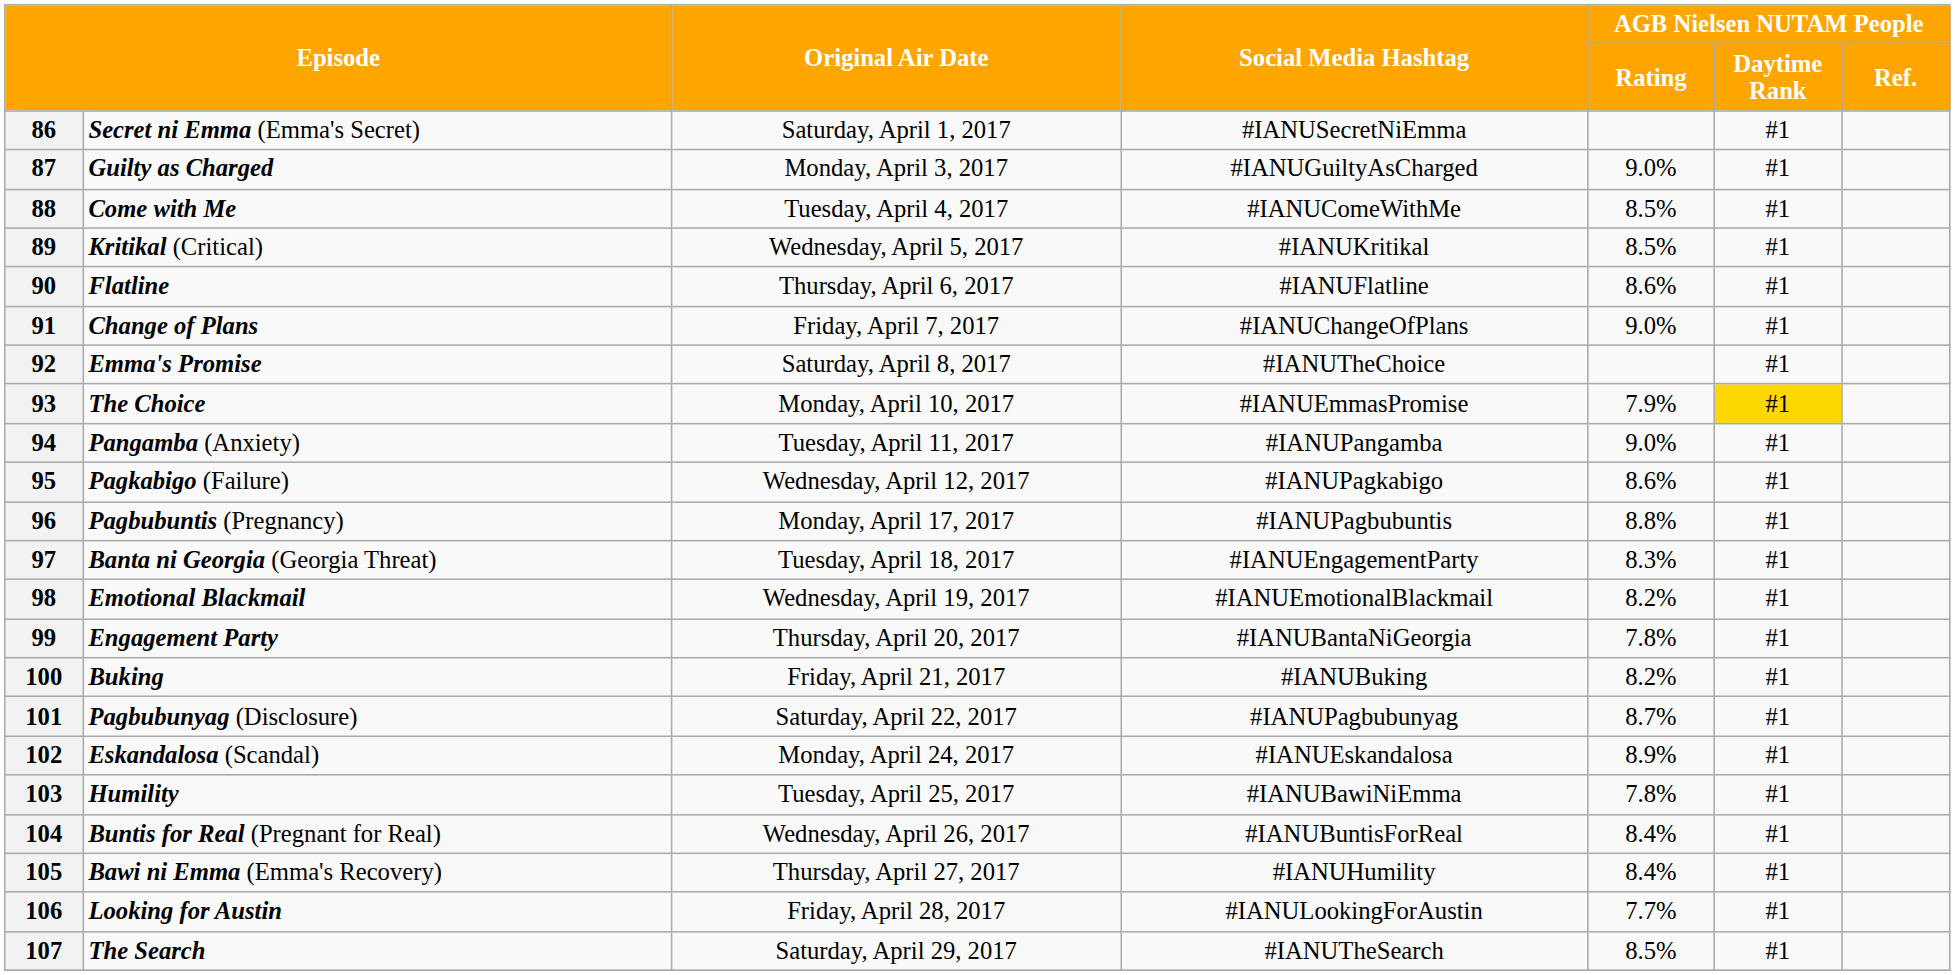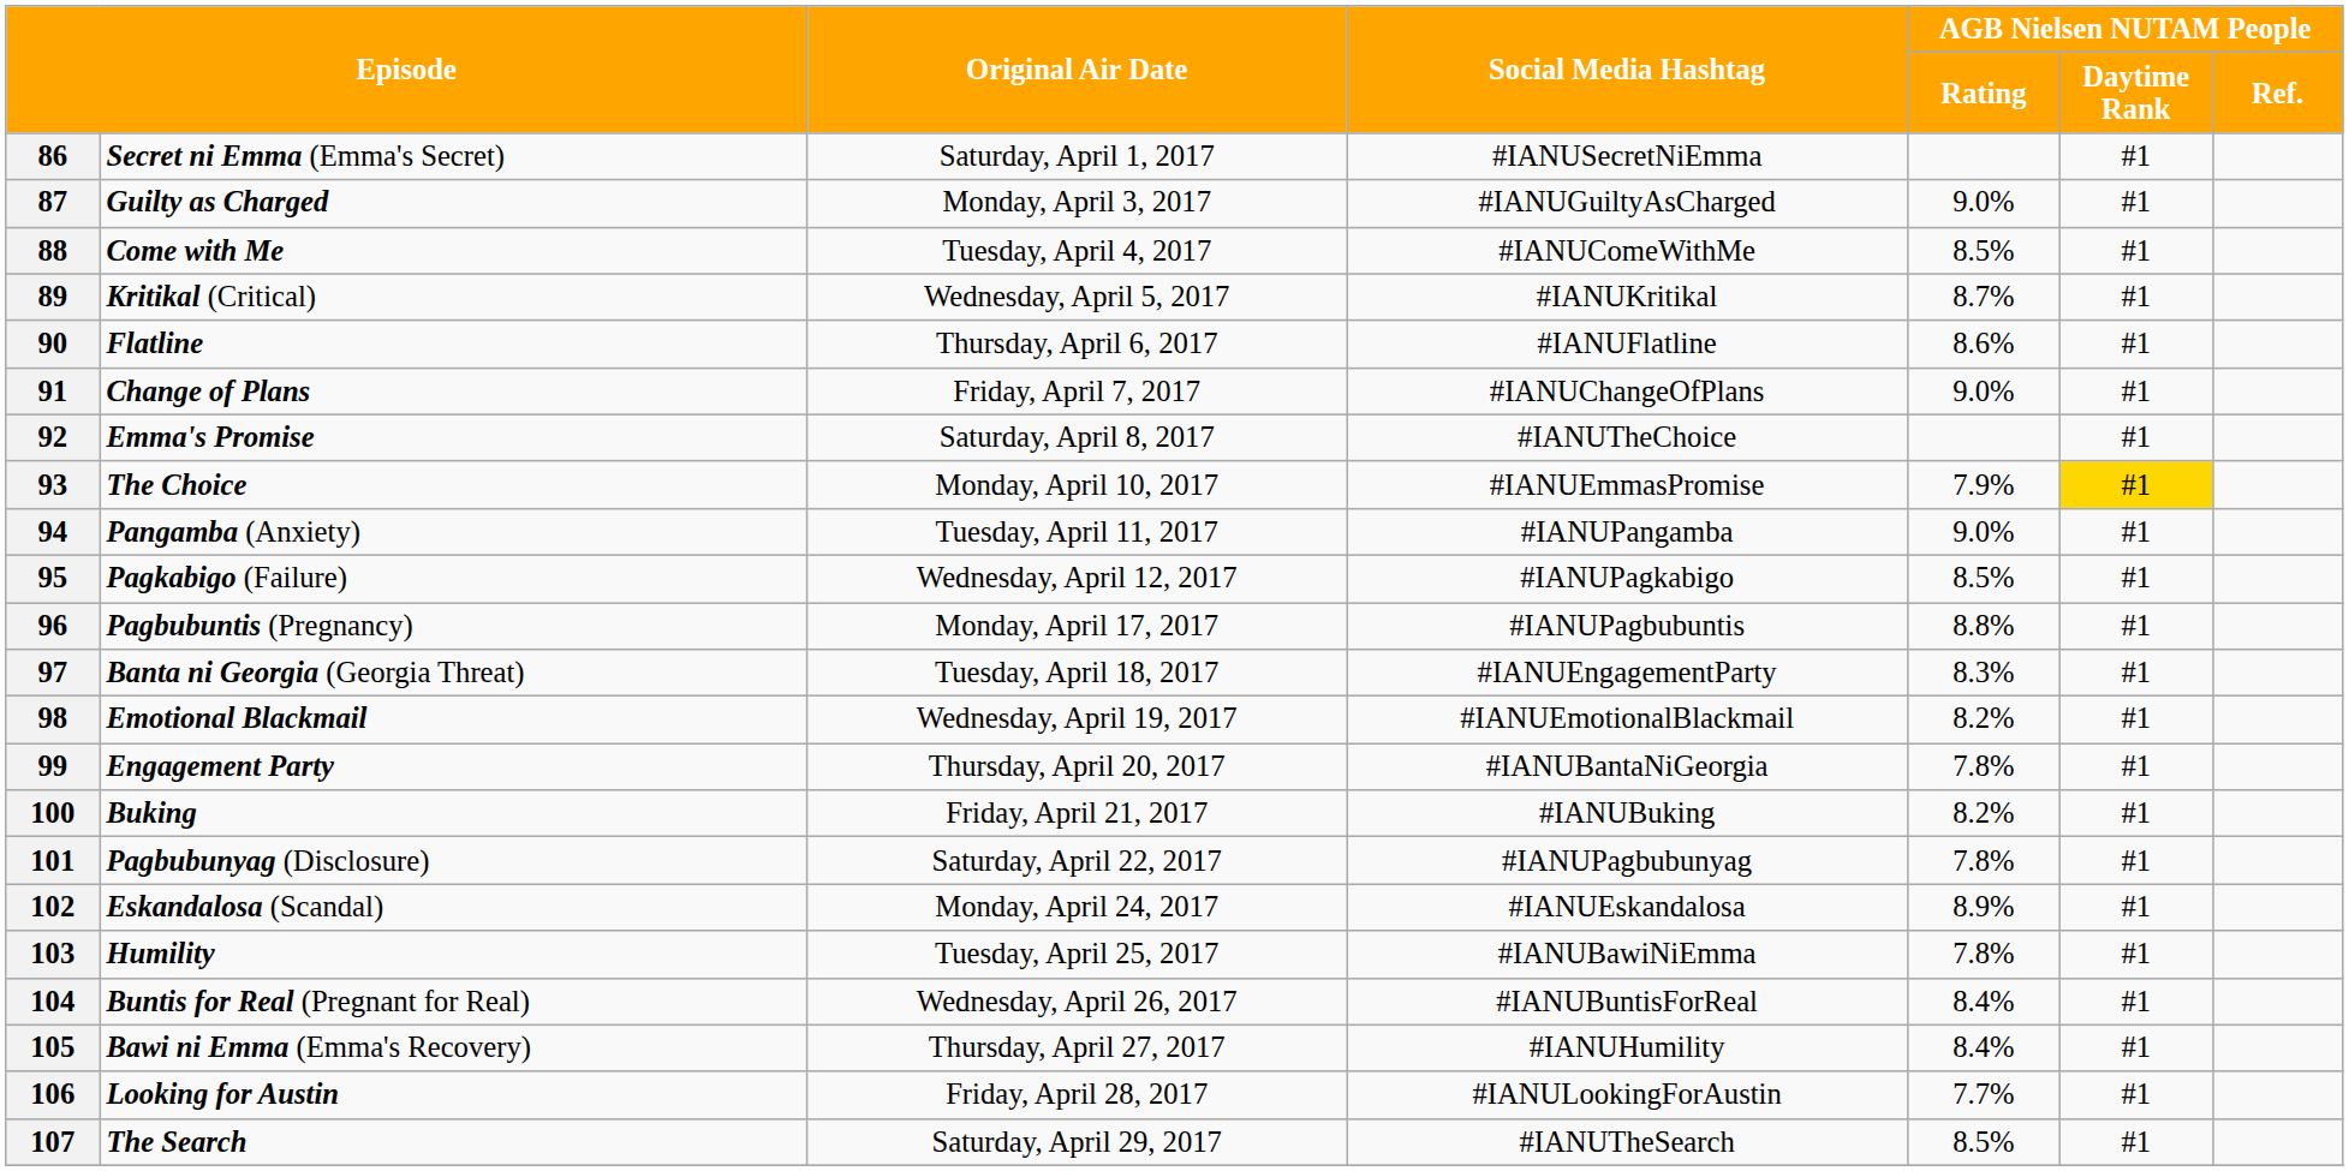 <table class="wikitable" style="text-align:center; font-size:100%; line-height:18px;"  width="100%">
 <tr>
 <th colspan="2" rowspan="2" style="background-color:#FFA500; color:#ffffff;">Episode</th>
 <th style="background:#FFA500; color:white" rowspan="2">Original Air Date</th>
 <th style="background:#FFA500; color:white" rowspan="2">Social Media Hashtag</th>
 <th style="background-color:#FFA500; color:#ffffff;" colspan="3">AGB Nielsen NUTAM People</th>
 </tr>
 <tr>
 <th style="background-color:#FFA500; width:75px; color:#ffffff;">Rating</th>
 <th style="background-color:#FFA500; width:75px; color:#ffffff;">Daytime<br>Rank</th>
 <th style="background-color:#FFA500; color:#ffffff;">Ref.</th>
 </tr>
 <tr>
 <th>86</th>
 <td style="text-align: left;"><strong><em>Secret ni Emma</em></strong> (Emma's Secret)</td>
 <td>Saturday, April 1, 2017</td>
 <td>#IANUSecretNiEmma</td>
 <td></td>
 <td>#1</td>
 <td></td>
 </tr>
 <tr>
 <th>87</th>
 <td style="text-align: left;"><strong><em>Guilty as Charged</em></strong></td>
 <td>Monday, April 3, 2017</td>
 <td>#IANUGuiltyAsCharged</td>
 <td>9.0%</td>
 <td>#1</td>
 <td></td>
 </tr>
 <tr>
 <th>88</th>
 <td style="text-align: left;"><strong><em>Come with Me</em></strong></td>
 <td>Tuesday, April 4, 2017</td>
 <td>#IANUComeWithMe</td>
 <td>8.5%</td>
 <td>#1</td>
 <td></td>
 </tr>
 <tr>
 <th>89</th>
 <td style="text-align: left;"><strong><em>Kritikal</em></strong> (Critical)</td>
 <td>Wednesday, April 5, 2017</td>
 <td>#IANUKritikal</td>
-<td>8.5%</td>
+<td>8.7%</td>
 <td>#1</td>
 <td></td>
 </tr>
 <tr>
 <th>90</th>
 <td style="text-align: left;"><strong><em>Flatline</em></strong></td>
 <td>Thursday, April 6, 2017</td>
 <td>#IANUFlatline</td>
 <td>8.6%</td>
 <td>#1</td>
 <td></td>
 </tr>
 <tr>
 <th>91</th>
 <td style="text-align: left;"><strong><em>Change of Plans</em></strong></td>
 <td>Friday, April 7, 2017</td>
 <td>#IANUChangeOfPlans</td>
 <td>9.0%</td>
 <td>#1</td>
 <td></td>
 </tr>
 <tr>
 <th>92</th>
 <td style="text-align: left;"><strong><em>Emma's Promise</em></strong></td>
 <td>Saturday, April 8, 2017</td>
 <td>#IANUTheChoice</td>
 <td></td>
 <td>#1</td>
 <td></td>
 </tr>
 <tr>
 <th>93</th>
 <td style="text-align: left;"><strong><em>The Choice</em></strong></td>
 <td>Monday, April 10, 2017</td>
 <td>#IANUEmmasPromise</td>
 <td>7.9%</td>
 <td style="background: gold;">#1</td>
 <td></td>
 </tr>
 <tr>
 <th>94</th>
 <td style="text-align: left;"><strong><em>Pangamba</em></strong> (Anxiety)</td>
 <td>Tuesday, April 11, 2017</td>
 <td>#IANUPangamba</td>
 <td>9.0%</td>
 <td>#1</td>
 <td></td>
 </tr>
 <tr>
 <th>95</th>
 <td style="text-align: left;"><strong><em>Pagkabigo</em></strong> (Failure)</td>
 <td>Wednesday, April 12, 2017</td>
 <td>#IANUPagkabigo</td>
-<td>8.6%</td>
+<td>8.5%</td>
 <td>#1</td>
 <td></td>
 </tr>
 <tr>
 <th>96</th>
 <td style="text-align: left;"><strong><em>Pagbubuntis</em></strong> (Pregnancy)</td>
 <td>Monday, April 17, 2017</td>
 <td>#IANUPagbubuntis</td>
 <td>8.8%</td>
 <td>#1</td>
 <td></td>
 </tr>
 <tr>
 <th>97</th>
 <td style="text-align: left;"><strong><em>Banta ni Georgia</em></strong> (Georgia Threat)</td>
 <td>Tuesday, April 18, 2017</td>
 <td>#IANUEngagementParty</td>
 <td>8.3%</td>
 <td>#1</td>
 <td></td>
 </tr>
 <tr>
 <th>98</th>
 <td style="text-align: left;"><strong><em>Emotional Blackmail</em></strong></td>
 <td>Wednesday, April 19, 2017</td>
 <td>#IANUEmotionalBlackmail</td>
 <td>8.2%</td>
 <td>#1</td>
 <td></td>
 </tr>
 <tr>
 <th>99</th>
 <td style="text-align: left;"><strong><em>Engagement Party</em></strong></td>
 <td>Thursday, April 20, 2017</td>
 <td>#IANUBantaNiGeorgia</td>
 <td>7.8%</td>
 <td>#1</td>
 <td></td>
 </tr>
 <tr>
 <th>100</th>
 <td style="text-align: left;"><strong><em>Buking</em></strong></td>
 <td>Friday, April 21, 2017</td>
 <td>#IANUBuking</td>
 <td>8.2%</td>
 <td>#1</td>
 <td></td>
 </tr>
 <tr>
 <th>101</th>
 <td style="text-align: left;"><strong><em>Pagbubunyag</em></strong> (Disclosure)</td>
 <td>Saturday, April 22, 2017</td>
 <td>#IANUPagbubunyag</td>
-<td>8.7%</td>
+<td>7.8%</td>
 <td>#1</td>
 <td></td>
 </tr>
 <tr>
 <th>102</th>
 <td style="text-align: left;"><strong><em>Eskandalosa</em></strong> (Scandal)</td>
 <td>Monday, April 24, 2017</td>
 <td>#IANUEskandalosa</td>
 <td>8.9%</td>
 <td>#1</td>
 <td></td>
 </tr>
 <tr>
 <th>103</th>
 <td style="text-align: left;"><strong><em>Humility</em></strong></td>
 <td>Tuesday, April 25, 2017</td>
 <td>#IANUBawiNiEmma</td>
 <td>7.8%</td>
 <td>#1</td>
 <td></td>
 </tr>
 <tr>
 <th>104</th>
 <td style="text-align: left;"><strong><em>Buntis for Real</em></strong> (Pregnant for Real)</td>
 <td>Wednesday, April 26, 2017</td>
 <td>#IANUBuntisForReal</td>
 <td>8.4%</td>
 <td>#1</td>
 <td></td>
 </tr>
 <tr>
 <th>105</th>
 <td style="text-align: left;"><strong><em>Bawi ni Emma</em></strong> (Emma's Recovery)</td>
 <td>Thursday, April 27, 2017</td>
 <td>#IANUHumility</td>
 <td>8.4%</td>
 <td>#1</td>
 <td></td>
 </tr>
 <tr>
 <th>106</th>
 <td style="text-align: left;"><strong><em>Looking for Austin</em></strong></td>
 <td>Friday, April 28, 2017</td>
 <td>#IANULookingForAustin</td>
 <td>7.7%</td>
 <td>#1</td>
 <td></td>
 </tr>
 <tr>
 <th>107</th>
 <td style="text-align: left;"><strong><em>The Search</em></strong></td>
 <td>Saturday, April 29, 2017</td>
 <td>#IANUTheSearch</td>
 <td>8.5%</td>
 <td>#1</td>
 <td></td>
 </tr>
 <tr>
 </tr>
 </table>
